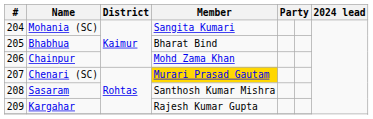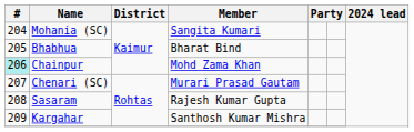 <table class="wikitable sortable">
 <tr>
 <th>#</th>
 <th>Name</th>
 <th>District</th>
 <th>Member</th>
 <th colspan="2">Party</th>
 <th colspan="2">2024 lead</th>
 </tr>
 <tr>
 <td>204</td>
 <td><a href='#'>Mohania</a> (SC)</td>
 <td rowspan="3"><a href='#'>Kaimur</a></td>
 <td><a href='#'>Sangita Kumari</a></td>
 <td></td>
 <td></td>
 </tr>
 <tr>
 <td>205</td>
 <td><a href='#'>Bhabhua</a></td>
 <td>Bharat Bind</td>
 <td></td>
 <td></td>
 </tr>
 <tr>
-<td>206</td>
+<td style="background: paleturquoise;">206</td>
 <td><a href='#'>Chainpur</a></td>
 <td><a href='#'>Mohd Zama Khan</a></td>
 <td></td>
 <td></td>
 </tr>
 <tr>
 <td>207</td>
 <td><a href='#'>Chenari</a> (SC)</td>
 <td rowspan="3"><a href='#'>Rohtas</a></td>
-<td style="background: gold;"><a href='#'>Murari Prasad Gautam</a></td>
+<td><a href='#'>Murari Prasad Gautam</a></td>
 <td></td>
 <td></td>
 </tr>
 <tr>
 <td>208</td>
 <td><a href='#'>Sasaram</a></td>
-<td>Santhosh Kumar Mishra</td>
+<td>Rajesh Kumar Gupta</td>
 <td></td>
 <td></td>
 </tr>
 <tr>
 <td>209</td>
 <td><a href='#'>Kargahar</a></td>
-<td>Rajesh Kumar Gupta</td>
+<td>Santhosh Kumar Mishra</td>
 <td></td>
 <td></td>
 </tr>
 <tr>
 </tr>
 </table>
